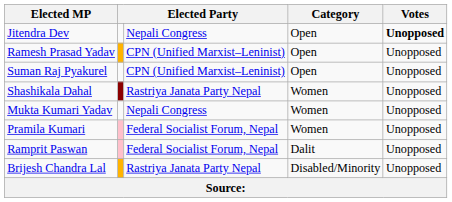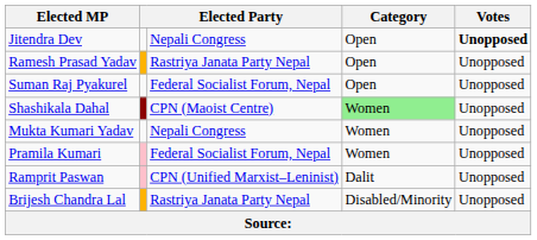 <table class="wikitable sortable">
 <tr>
 <th>Elected MP</th>
 <th colspan="2">Elected Party</th>
 <th>Category</th>
 <th>Votes</th>
 </tr>
 <tr>
 <td><a href='#'>Jitendra Dev</a></td>
 <td></td>
 <td><a href='#'>Nepali Congress</a></td>
 <td>Open</td>
 <td><strong>Unopposed</strong></td>
 </tr>
 <tr>
 <td><a href='#'>Ramesh Prasad Yadav</a></td>
 <td bgcolor="FFb300"></td>
-<td><a href='#'>CPN (Unified Marxist–Leninist)</a></td>
+<td><a href='#'>Rastriya Janata Party Nepal</a></td>
 <td>Open</td>
 <td>Unopposed</td>
 </tr>
 <tr>
 <td><a href='#'>Suman Raj Pyakurel</a></td>
 <td></td>
-<td><a href='#'>CPN (Unified Marxist–Leninist)</a></td>
+<td><a href='#'>Federal Socialist Forum, Nepal</a></td>
 <td>Open</td>
 <td>Unopposed</td>
 </tr>
 <tr>
 <td><a href='#'>Shashikala Dahal</a></td>
 <td bgcolor="8B0000"></td>
-<td><a href='#'>Rastriya Janata Party Nepal</a></td>
-<td>Women</td>
+<td><a href='#'>CPN (Maoist Centre)</a></td>
+<td style="background: lightgreen;">Women</td>
 <td>Unopposed</td>
 </tr>
 <tr>
 <td><a href='#'>Mukta Kumari Yadav</a></td>
 <td></td>
 <td><a href='#'>Nepali Congress</a></td>
 <td>Women</td>
 <td>Unopposed</td>
 </tr>
 <tr>
 <td><a href='#'>Pramila Kumari</a></td>
 <td bgcolor="FFC0CB"></td>
 <td><a href='#'>Federal Socialist Forum, Nepal</a></td>
 <td>Women</td>
 <td>Unopposed</td>
 </tr>
 <tr>
 <td><a href='#'>Ramprit Paswan</a></td>
 <td bgcolor="FFC0CB"></td>
-<td><a href='#'>Federal Socialist Forum, Nepal</a></td>
+<td><a href='#'>CPN (Unified Marxist–Leninist)</a></td>
 <td>Dalit</td>
 <td>Unopposed</td>
 </tr>
 <tr>
 <td><a href='#'>Brijesh Chandra Lal</a></td>
 <td bgcolor="FFb300"></td>
 <td><a href='#'>Rastriya Janata Party Nepal</a></td>
 <td>Disabled/Minority</td>
 <td>Unopposed</td>
 </tr>
 <tr>
 <th colspan="5">Source: </th>
 </tr>
 </table>
